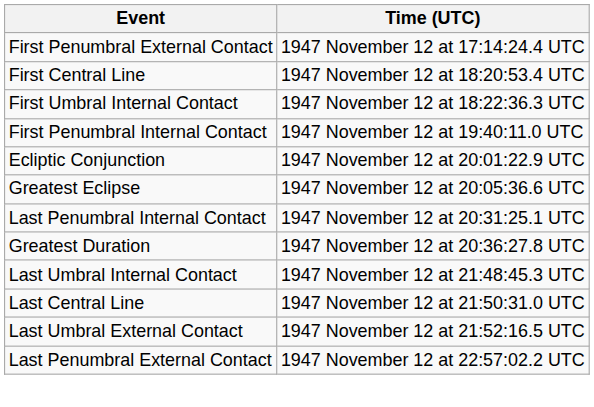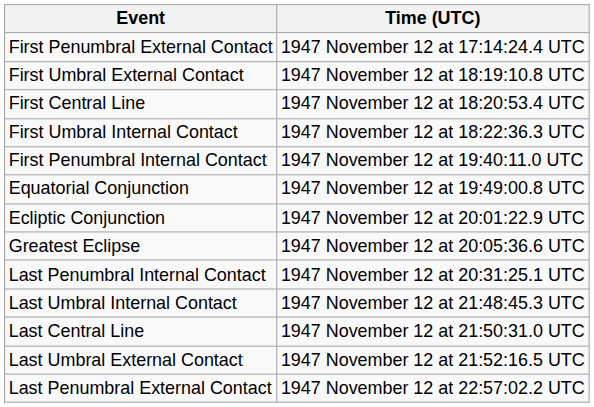 <table class="wikitable">
 <tr>
 <th>Event</th>
 <th>Time (UTC)</th>
 </tr>
 <tr>
 <td>First Penumbral External Contact</td>
 <td>1947 November 12 at 17:14:24.4 UTC</td>
+</tr>
+<tr>
+<td>First Umbral External Contact</td>
+<td>1947 November 12 at 18:19:10.8 UTC</td>
 </tr>
 <tr>
 <td>First Central Line</td>
 <td>1947 November 12 at 18:20:53.4 UTC</td>
 </tr>
 <tr>
 <td>First Umbral Internal Contact</td>
 <td>1947 November 12 at 18:22:36.3 UTC</td>
 </tr>
 <tr>
 <td>First Penumbral Internal Contact</td>
 <td>1947 November 12 at 19:40:11.0 UTC</td>
 </tr>
 <tr>
+<td>Equatorial Conjunction</td>
+<td>1947 November 12 at 19:49:00.8 UTC</td>
+</tr>
+<tr>
 <td>Ecliptic Conjunction</td>
 <td>1947 November 12 at 20:01:22.9 UTC</td>
 </tr>
 <tr>
 <td>Greatest Eclipse</td>
 <td>1947 November 12 at 20:05:36.6 UTC</td>
 </tr>
 <tr>
 <td>Last Penumbral Internal Contact</td>
 <td>1947 November 12 at 20:31:25.1 UTC</td>
-</tr>
-<tr>
-<td>Greatest Duration</td>
-<td>1947 November 12 at 20:36:27.8 UTC</td>
 </tr>
 <tr>
 <td>Last Umbral Internal Contact</td>
 <td>1947 November 12 at 21:48:45.3 UTC</td>
 </tr>
 <tr>
 <td>Last Central Line</td>
 <td>1947 November 12 at 21:50:31.0 UTC</td>
 </tr>
 <tr>
 <td>Last Umbral External Contact</td>
 <td>1947 November 12 at 21:52:16.5 UTC</td>
 </tr>
 <tr>
 <td>Last Penumbral External Contact</td>
 <td>1947 November 12 at 22:57:02.2 UTC</td>
 </tr>
 </table>
